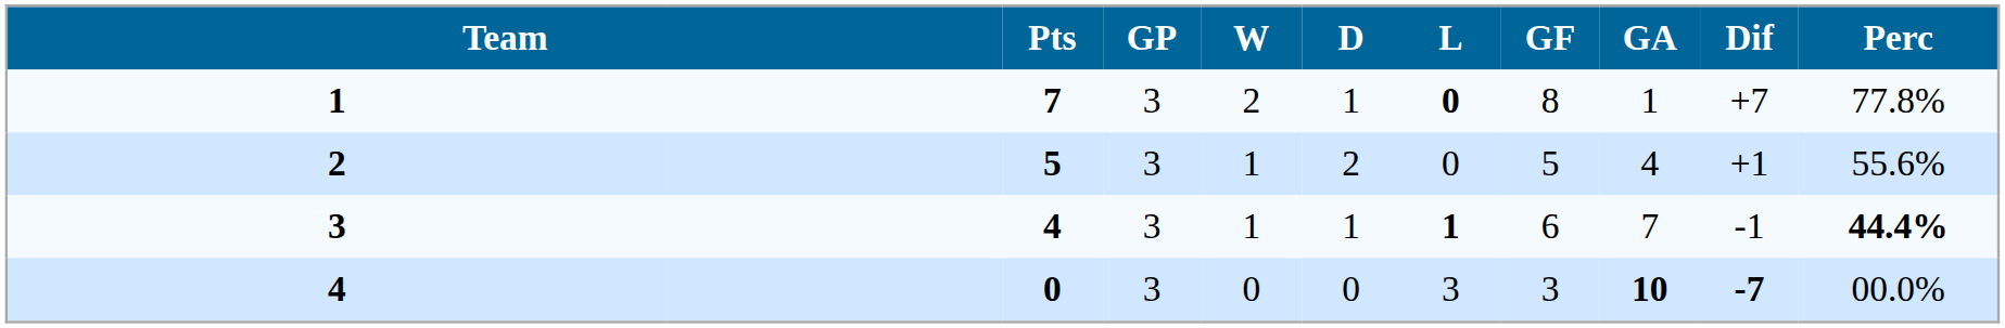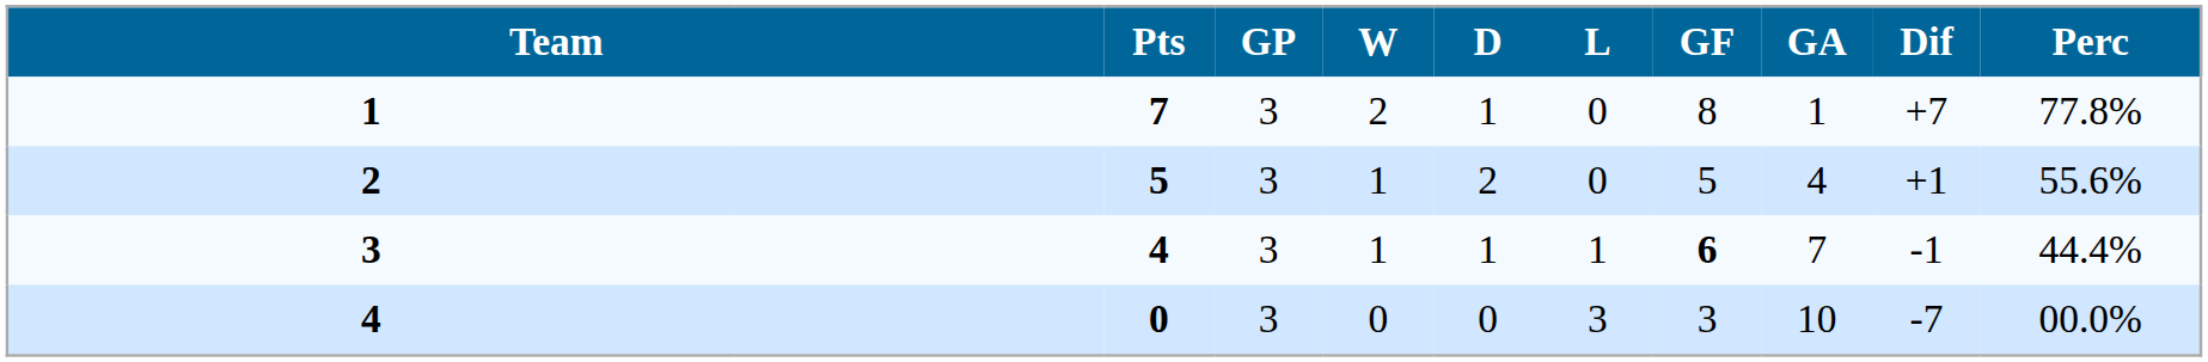 <table align=center cellpadding="4" cellspacing="0" style="background: #f9f9f9; border: 1px #aaa solid; border-collapse: collapse; font-size: 90%;" width=50%>
 <tr align=center bgcolor=#006699 style="color:white;">
 <th width=50% colspan=2>Team</th>
 <th width=5%>Pts</th>
 <th width=5%>GP</th>
 <th width=5%>W</th>
 <th width=5%>D</th>
 <th width=5%>L</th>
 <th width=5%>GF</th>
 <th width=5%>GA</th>
 <th width=5%>Dif</th>
 <th width=10%>Perc</th>
 </tr>
 <tr align=center bgcolor=#F5FAFF>
 <td><strong>1</strong></td>
 <td align=left></td>
 <td><strong>7</strong></td>
 <td>3</td>
 <td>2</td>
 <td>1</td>
-<td><strong>0</strong></td>
+<td>0</td>
 <td>8</td>
 <td>1</td>
 <td>+7</td>
 <td>77.8%</td>
 </tr>
 <tr align=center bgcolor=#D0E7FF>
 <td><strong>2</strong></td>
 <td align=left></td>
 <td><strong>5</strong></td>
 <td>3</td>
 <td>1</td>
 <td>2</td>
 <td>0</td>
 <td>5</td>
 <td>4</td>
 <td>+1</td>
 <td>55.6%</td>
 </tr>
 <tr align=center bgcolor=#F5FAFF>
 <td><strong>3</strong></td>
 <td align=left></td>
 <td><strong>4</strong></td>
 <td>3</td>
 <td>1</td>
 <td>1</td>
-<td><strong>1</strong></td>
-<td>6</td>
+<td>1</td>
+<td><strong>6</strong></td>
 <td>7</td>
 <td>-1</td>
-<td><strong>44.4%</strong></td>
+<td>44.4%</td>
 </tr>
 <tr align=center bgcolor=#D0E7FF>
 <td><strong>4</strong></td>
 <td align=left></td>
 <td><strong>0</strong></td>
 <td>3</td>
 <td>0</td>
 <td>0</td>
 <td>3</td>
 <td>3</td>
-<td><strong>10</strong></td>
-<td><strong>-7</strong></td>
+<td>10</td>
+<td>-7</td>
 <td>00.0%</td>
 </tr>
 <tr align=center bgcolor=#F5FAFF>
 </tr>
 </table>
